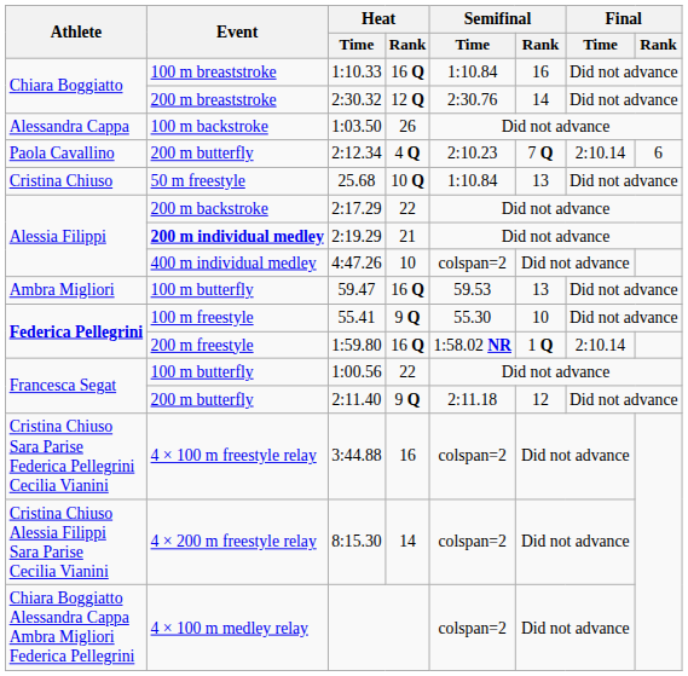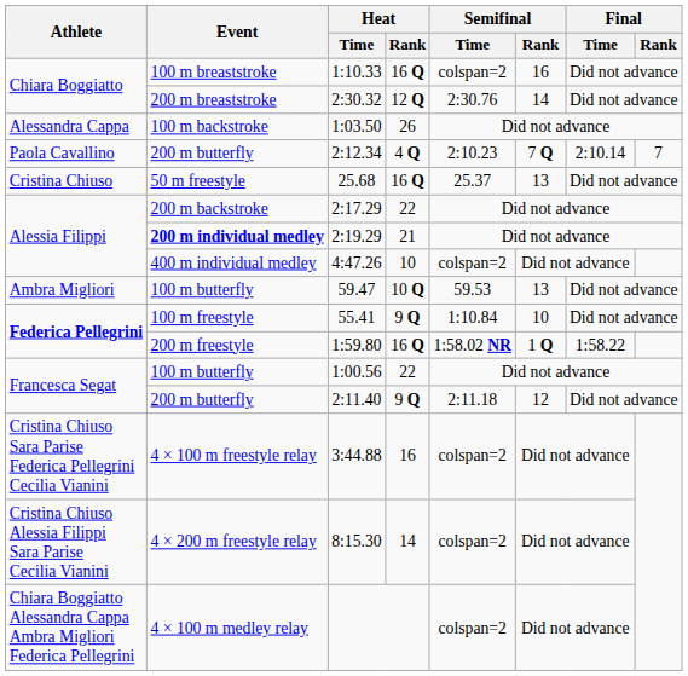 <table class=wikitable style="font-size:90%">
 <tr>
 <th rowspan="2">Athlete</th>
 <th rowspan="2">Event</th>
 <th colspan="2">Heat</th>
 <th colspan="2">Semifinal</th>
 <th colspan="2">Final</th>
 </tr>
 <tr style="font-size:95%">
 <th>Time</th>
 <th>Rank</th>
 <th>Time</th>
 <th>Rank</th>
 <th>Time</th>
 <th>Rank</th>
 </tr>
 <tr align=center>
 <td align=left rowspan=2><a href='#'>Chiara Boggiatto</a></td>
 <td align=left><a href='#'>100 m breaststroke</a></td>
 <td>1:10.33</td>
 <td>16 <strong>Q</strong></td>
-<td>1:10.84</td>
+<td>colspan=2 </td>
 <td>16</td>
 <td colspan=2>Did not advance</td>
 </tr>
 <tr align=center>
 <td align=left><a href='#'>200 m breaststroke</a></td>
 <td>2:30.32</td>
 <td>12 <strong>Q</strong></td>
 <td>2:30.76</td>
 <td>14</td>
 <td colspan=2>Did not advance</td>
 </tr>
 <tr align=center>
 <td align=left><a href='#'>Alessandra Cappa</a></td>
 <td align=left><a href='#'>100 m backstroke</a></td>
 <td>1:03.50</td>
 <td>26</td>
 <td colspan=4>Did not advance</td>
 </tr>
 <tr align=center>
 <td align=left><a href='#'>Paola Cavallino</a></td>
 <td align=left><a href='#'>200 m butterfly</a></td>
 <td>2:12.34</td>
 <td>4 <strong>Q</strong></td>
 <td>2:10.23</td>
 <td>7 <strong>Q</strong></td>
 <td>2:10.14</td>
-<td>6</td>
+<td>7</td>
 </tr>
 <tr align=center>
 <td align=left><a href='#'>Cristina Chiuso</a></td>
 <td align=left><a href='#'>50 m freestyle</a></td>
 <td>25.68</td>
-<td>10 <strong>Q</strong></td>
-<td>1:10.84</td>
+<td>16 <strong>Q</strong></td>
+<td>25.37</td>
 <td>13</td>
 <td colspan=2>Did not advance</td>
 </tr>
 <tr align=center>
 <td align=left rowspan=3><a href='#'>Alessia Filippi</a></td>
 <td align=left><a href='#'>200 m backstroke</a></td>
 <td>2:17.29</td>
 <td>22</td>
 <td colspan=4>Did not advance</td>
 </tr>
 <tr align=center>
 <td align=left><strong><a href='#'>200 m individual medley</a></strong></td>
 <td>2:19.29</td>
 <td>21</td>
 <td colspan=4>Did not advance</td>
 </tr>
 <tr align=center>
 <td align=left><a href='#'>400 m individual medley</a></td>
 <td>4:47.26</td>
 <td>10</td>
 <td>colspan=2 </td>
 <td colspan=2>Did not advance</td>
 </tr>
 <tr align=center>
 <td align=left><a href='#'>Ambra Migliori</a></td>
 <td align=left><a href='#'>100 m butterfly</a></td>
 <td>59.47</td>
-<td>16 <strong>Q</strong></td>
+<td>10 <strong>Q</strong></td>
 <td>59.53</td>
 <td>13</td>
 <td colspan=2>Did not advance</td>
 </tr>
 <tr align=center>
 <td align=left rowspan=2><strong><a href='#'>Federica Pellegrini</a></strong></td>
 <td align=left><a href='#'>100 m freestyle</a></td>
 <td>55.41</td>
 <td>9 <strong>Q</strong></td>
-<td>55.30</td>
+<td>1:10.84</td>
 <td>10</td>
 <td colspan=2>Did not advance</td>
 </tr>
 <tr align=center>
 <td align=left><a href='#'>200 m freestyle</a></td>
 <td>1:59.80</td>
 <td>16 <strong>Q</strong></td>
 <td>1:58.02 <strong><a href='#'>NR</a></strong></td>
 <td>1 <strong>Q</strong></td>
-<td>2:10.14</td>
+<td>1:58.22</td>
 <td></td>
 </tr>
 <tr align=center>
 <td align=left rowspan=2><a href='#'>Francesca Segat</a></td>
 <td align=left><a href='#'>100 m butterfly</a></td>
 <td>1:00.56</td>
 <td>22</td>
 <td colspan=4>Did not advance</td>
 </tr>
 <tr align=center>
 <td align=left><a href='#'>200 m butterfly</a></td>
 <td>2:11.40</td>
 <td>9 <strong>Q</strong></td>
 <td>2:11.18</td>
 <td>12</td>
 <td colspan=2>Did not advance</td>
 </tr>
 <tr align=center>
 <td align=left><a href='#'>Cristina Chiuso</a><br><a href='#'>Sara Parise</a><br><a href='#'>Federica Pellegrini</a><br><a href='#'>Cecilia Vianini</a></td>
 <td align=left><a href='#'>4 × 100 m freestyle relay</a></td>
 <td>3:44.88</td>
 <td>16</td>
 <td>colspan=2 </td>
 <td colspan=2>Did not advance</td>
 </tr>
 <tr align=center>
 <td align=left><a href='#'>Cristina Chiuso</a><br><a href='#'>Alessia Filippi</a><br><a href='#'>Sara Parise</a><br><a href='#'>Cecilia Vianini</a></td>
 <td align=left><a href='#'>4 × 200 m freestyle relay</a></td>
 <td>8:15.30</td>
 <td>14</td>
 <td>colspan=2 </td>
 <td colspan=2>Did not advance</td>
 </tr>
 <tr align=center>
 <td align=left><a href='#'>Chiara Boggiatto</a><br><a href='#'>Alessandra Cappa</a><br><a href='#'>Ambra Migliori</a><br><a href='#'>Federica Pellegrini</a></td>
 <td align=left><a href='#'>4 × 100 m medley relay</a></td>
 <td colspan=2></td>
 <td>colspan=2 </td>
 <td colspan=2>Did not advance</td>
 </tr>
 </table>
